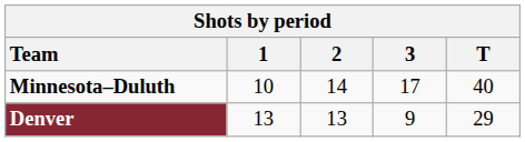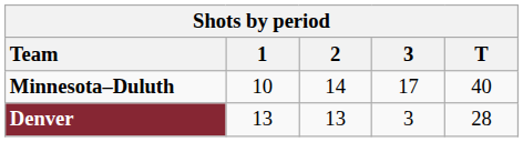 <table class="wikitable" style="width:25em; text-align:right;">
 <tr>
 <th colspan=5>Shots by period</th>
 </tr>
 <tr>
 <th style="width:10em; text-align:left;">Team</th>
 <th style="width:3em;">1</th>
 <th style="width:3em;">2</th>
 <th style="width:3em;">3</th>
 <th style="width:3em;">T</th>
 </tr>
 <tr>
 <td align=left><strong>Minnesota–Duluth</strong></td>
 <td align=center>10</td>
 <td align=center>14</td>
 <td align=center>17</td>
 <td align=center>40</td>
 </tr>
 <tr>
 <td align=left style="color:white; background:#862633; "><strong>Denver</strong></td>
 <td align=center>13</td>
 <td align=center>13</td>
-<td align=center>9</td>
-<td align=center>29</td>
+<td align=center>3</td>
+<td align=center>28</td>
 </tr>
 </table>
